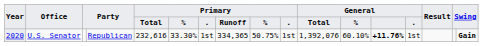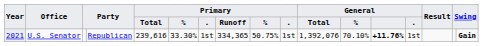 <table class="wikitable" style="font-size:90%; text-align:center;">
 <tr>
 <th style="background-color:#EAECF0;" rowspan=2>Year</th>
 <th style="background-color:#EAECF0;" rowspan=2>Office</th>
 <th style="background-color:#EAECF0;" colspan=2 rowspan=2>Party</th>
 <th style="background-color:#EAECF0;" colspan=6>Primary</th>
 <th style="background-color:#EAECF0;" colspan=4>General</th>
 <th style="background-color:#EAECF0;" rowspan=2>Result</th>
 <th style="background-color:#EAECF0;" colspan=2 rowspan=2><a href='#'>Swing</a></th>
 </tr>
 <tr>
 <th style="background-color:#EAECF0;">Total</th>
 <th style="background-color:#EAECF0;">%</th>
 <th style="background-color:#EAECF0;">.</th>
 <th style="background-color:#EAECF0;">Runoff</th>
 <th style="background-color:#EAECF0;">%</th>
 <th style="background-color:#EAECF0;">.</th>
 <th style="background-color:#EAECF0;">Total</th>
 <th style="background-color:#EAECF0;">%</th>
 <th style="background-color:#EAECF0;"></th>
 <th style="background-color:#EAECF0;">.</th>
 </tr>
 <tr>
-<td style="background-color:#EAECF0;"><a href='#'>2020</a></td>
+<td style="background-color:#EAECF0;"><a href='#'>2021</a></td>
 <td><a href='#'>U.S. Senator</a></td>
 <td style="background-color:"></td>
 <td><a href='#'>Republican</a></td>
-<td>232,616</td>
+<td>239,616</td>
 <td>33.30%</td>
 <td>1st</td>
 <td>334,365</td>
 <td>50.75%</td>
 <td>1st</td>
 <td>1,392,076</td>
-<td>60.10%</td>
+<td>70.10%</td>
 <td><strong>+11.76%</strong></td>
 <td>1st</td>
 <td></td>
 <td style="background-color:"></td>
 <td><strong>Gain</strong></td>
 </tr>
 </table>
